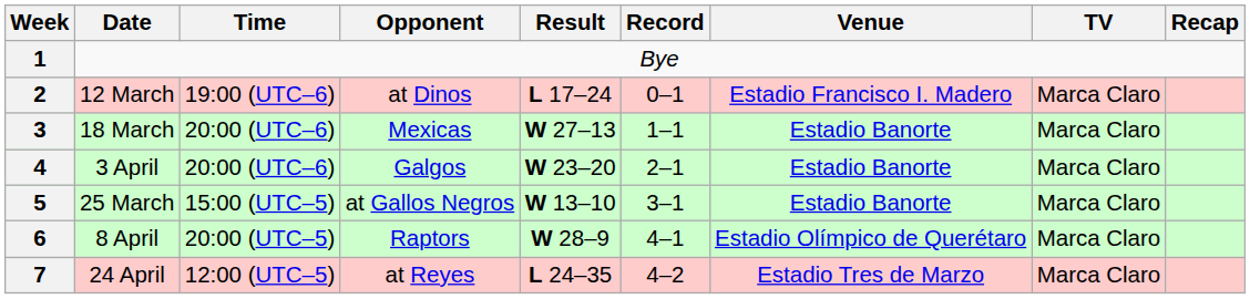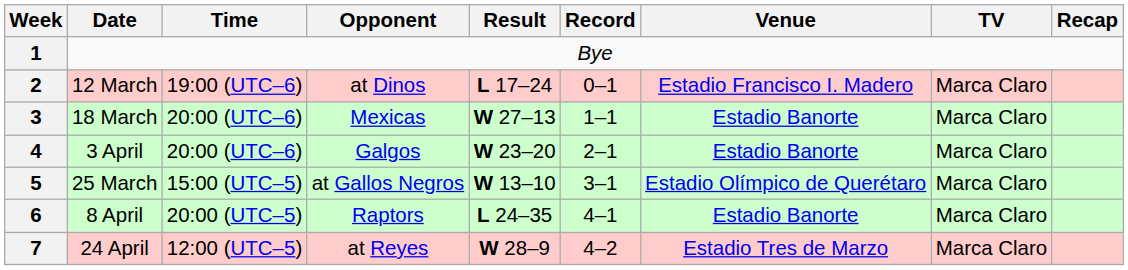 <table class="wikitable" style="text-align:center">
 <tr>
 <th>Week</th>
 <th>Date</th>
 <th>Time</th>
 <th>Opponent</th>
 <th>Result</th>
 <th>Record</th>
 <th>Venue</th>
 <th>TV</th>
 <th>Recap</th>
 </tr>
 <tr>
 <th>1</th>
 <td colspan=8><em>Bye</em></td>
 </tr>
 <tr style="background:#fcc">
 <th>2</th>
 <td>12 March</td>
 <td>19:00 (<a href='#'>UTC–6</a>)</td>
 <td>at <a href='#'>Dinos</a></td>
 <td><strong>L</strong> 17–24 </td>
 <td>0–1</td>
 <td><a href='#'>Estadio Francisco I. Madero</a></td>
 <td>Marca Claro</td>
 <td></td>
 </tr>
 <tr style="background:#cfc">
 <th>3</th>
 <td>18 March</td>
 <td>20:00 (<a href='#'>UTC–6</a>)</td>
 <td><a href='#'>Mexicas</a></td>
 <td><strong>W</strong> 27–13</td>
 <td>1–1</td>
 <td><a href='#'>Estadio Banorte</a></td>
 <td>Marca Claro</td>
 <td></td>
 </tr>
 <tr style="background:#cfc">
 <th>4</th>
 <td>3 April</td>
 <td>20:00 (<a href='#'>UTC–6</a>)</td>
 <td><a href='#'>Galgos</a></td>
 <td><strong>W</strong> 23–20</td>
 <td>2–1</td>
 <td><a href='#'>Estadio Banorte</a></td>
 <td>Marca Claro</td>
 <td></td>
 </tr>
 <tr style="background:#cfc">
 <th>5</th>
 <td>25 March</td>
 <td>15:00 (<a href='#'>UTC–5</a>)</td>
 <td>at <a href='#'>Gallos Negros</a></td>
 <td><strong>W</strong> 13–10</td>
 <td>3–1</td>
-<td><a href='#'>Estadio Banorte</a></td>
+<td><a href='#'>Estadio Olímpico de Querétaro</a></td>
 <td>Marca Claro</td>
 <td></td>
 </tr>
 <tr style="background:#cfc">
 <th>6</th>
 <td>8 April</td>
 <td>20:00 (<a href='#'>UTC–5</a>)</td>
 <td><a href='#'>Raptors</a></td>
-<td><strong>W</strong> 28–9</td>
+<td><strong>L</strong> 24–35</td>
 <td>4–1</td>
-<td><a href='#'>Estadio Olímpico de Querétaro</a></td>
+<td><a href='#'>Estadio Banorte</a></td>
 <td>Marca Claro</td>
 <td></td>
 </tr>
 <tr style="background:#fcc">
 <th>7</th>
 <td>24 April</td>
 <td>12:00 (<a href='#'>UTC–5</a>)</td>
 <td>at <a href='#'>Reyes</a></td>
-<td><strong>L</strong> 24–35</td>
+<td><strong>W</strong> 28–9</td>
 <td>4–2</td>
 <td><a href='#'>Estadio Tres de Marzo</a></td>
 <td>Marca Claro</td>
 <td></td>
 </tr>
 </table>
